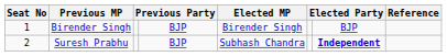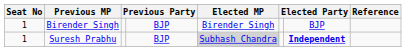 <table class="wikitable">
 <tr>
 <th>Seat No</th>
 <th>Previous MP</th>
 <th colspan=2>Previous Party</th>
 <th>Elected MP</th>
 <th colspan=2>Elected Party</th>
 <th>Reference</th>
 </tr>
 <tr style="text-align:center;">
 <td>1</td>
 <td><a href='#'>Birender Singh</a></td>
 <td width="1px"></td>
 <td><a href='#'>BJP</a></td>
 <td><a href='#'>Birender Singh</a></td>
 <td width="1px"></td>
 <td><a href='#'>BJP</a></td>
 <td rowspan=1></td>
 </tr>
 <tr style="text-align:center;">
-<td>2</td>
+<td>1</td>
 <td><a href='#'>Suresh Prabhu</a></td>
 <td width="1px"></td>
 <td><a href='#'>BJP</a></td>
-<td><a href='#'>Subhash Chandra</a></td>
+<td style="background: lightgrey;"><a href='#'>Subhash Chandra</a></td>
 <td width="1px"></td>
 <td><strong><a href='#'>Independent</a></strong></td>
 <td rowspan=1></td>
 </tr>
 </table>
